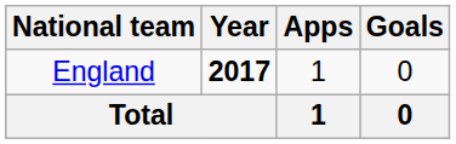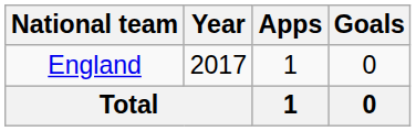 <table class=wikitable style=text-align:center>
 <tr>
 <th>National team</th>
 <th>Year</th>
 <th>Apps</th>
 <th>Goals</th>
 </tr>
 <tr>
 <td><a href='#'>England</a></td>
-<td><strong>2017</strong></td>
+<td>2017</td>
 <td>1</td>
 <td>0</td>
 </tr>
 <tr>
 <th colspan=2>Total</th>
 <th>1</th>
 <th>0</th>
 </tr>
 </table>
